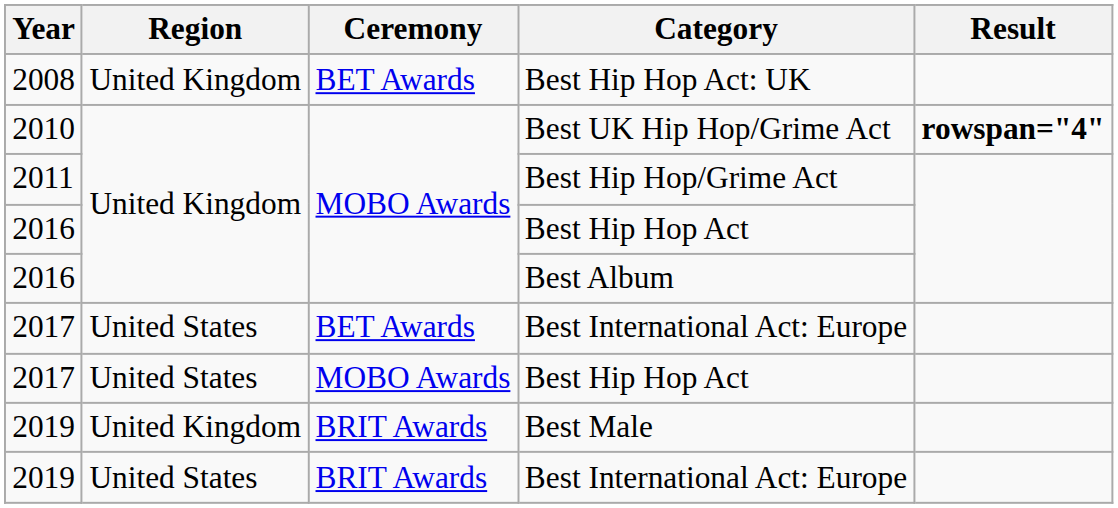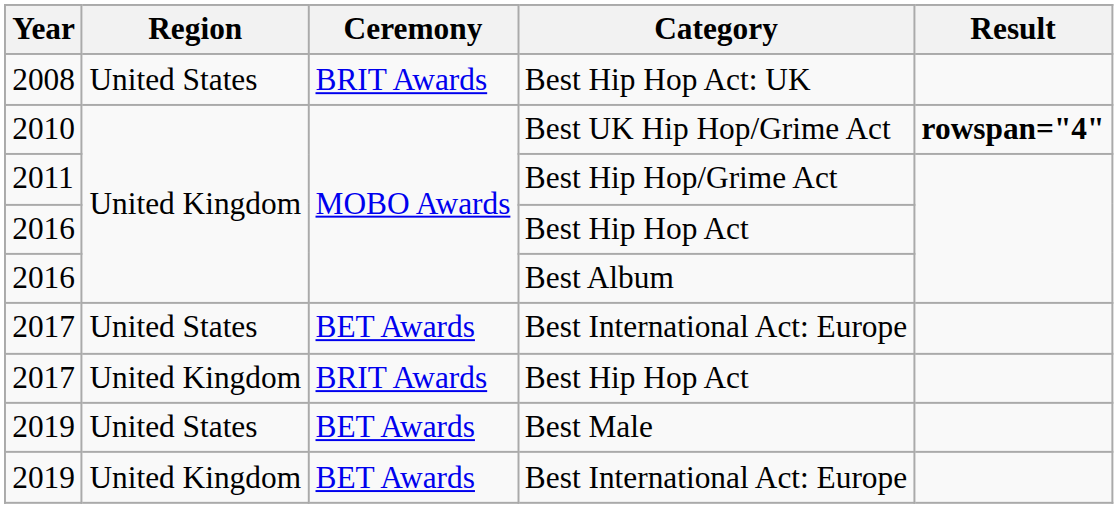 <table class="wikitable">
 <tr>
 <th>Year</th>
 <th>Region</th>
 <th>Ceremony</th>
 <th>Category</th>
 <th>Result</th>
 </tr>
 <tr>
 <td>2008</td>
-<td>United Kingdom</td>
-<td><a href='#'>BET Awards</a></td>
+<td>United States</td>
+<td><a href='#'>BRIT Awards</a></td>
 <td>Best Hip Hop Act: UK</td>
 <td></td>
 </tr>
 <tr>
 <td>2010</td>
 <td rowspan="4">United Kingdom</td>
 <td rowspan="4"><a href='#'>MOBO Awards</a></td>
 <td>Best UK Hip Hop/Grime Act</td>
 <td><strong>rowspan="4" </strong></td>
 </tr>
 <tr>
 <td>2011</td>
 <td>Best Hip Hop/Grime Act</td>
 </tr>
 <tr>
 <td>2016</td>
 <td>Best Hip Hop Act</td>
 </tr>
 <tr>
 <td>2016</td>
 <td>Best Album</td>
 </tr>
 <tr>
 <td>2017</td>
 <td>United States</td>
 <td><a href='#'>BET Awards</a></td>
 <td>Best International Act: Europe</td>
 <td></td>
 </tr>
 <tr>
 <td>2017</td>
-<td>United States</td>
-<td><a href='#'>MOBO Awards</a></td>
+<td>United Kingdom</td>
+<td><a href='#'>BRIT Awards</a></td>
 <td>Best Hip Hop Act</td>
 <td></td>
 </tr>
 <tr>
 <td>2019</td>
-<td>United Kingdom</td>
-<td><a href='#'>BRIT Awards</a></td>
+<td>United States</td>
+<td><a href='#'>BET Awards</a></td>
 <td>Best Male</td>
 <td></td>
 </tr>
 <tr>
 <td>2019</td>
-<td>United States</td>
-<td><a href='#'>BRIT Awards</a></td>
+<td>United Kingdom</td>
+<td><a href='#'>BET Awards</a></td>
 <td>Best International Act: Europe</td>
 <td></td>
 </tr>
 </table>
